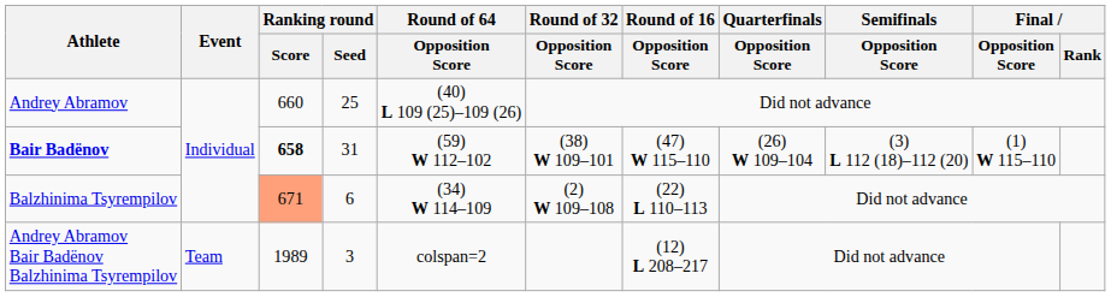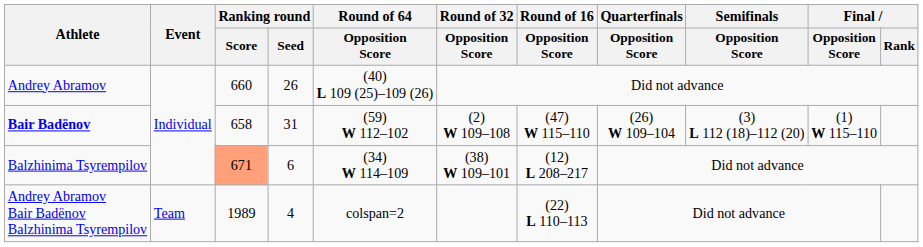 <table class="wikitable" style="font-size:90%">
 <tr>
 <th rowspan="2">Athlete</th>
 <th rowspan="2">Event</th>
 <th colspan="2">Ranking round</th>
 <th>Round of 64</th>
 <th>Round of 32</th>
 <th>Round of 16</th>
 <th>Quarterfinals</th>
 <th>Semifinals</th>
 <th colspan="2">Final / </th>
 </tr>
 <tr style="font-size:95%">
 <th>Score</th>
 <th>Seed</th>
 <th>Opposition<br>Score</th>
 <th>Opposition<br>Score</th>
 <th>Opposition<br>Score</th>
 <th>Opposition<br>Score</th>
 <th>Opposition<br>Score</th>
 <th>Opposition<br>Score</th>
 <th>Rank</th>
 </tr>
 <tr align=center>
 <td align=left><a href='#'>Andrey Abramov</a></td>
 <td align=left rowspan=3><a href='#'>Individual</a></td>
 <td>660</td>
-<td>25</td>
+<td>26</td>
 <td> (40)<br><strong>L</strong>  109 (25)–109 (26)</td>
 <td colspan=6>Did not advance</td>
 </tr>
 <tr align=center>
 <td align=left><strong><a href='#'>Bair Badënov</a></strong></td>
-<td><strong>658</strong></td>
+<td>658</td>
 <td>31</td>
 <td> (59)<br><strong>W</strong>  112–102</td>
-<td> (38)<br><strong>W</strong>  109–101</td>
+<td> (2)<br><strong>W</strong> 109–108</td>
 <td> (47)<br><strong>W</strong> 115–110</td>
 <td> (26)<br><strong>W</strong> 109–104</td>
 <td> (3)<br><strong>L</strong> 112 (18)–112 (20)</td>
 <td> (1)<br><strong>W</strong> 115–110</td>
 <td></td>
 </tr>
 <tr align=center>
 <td align=left><a href='#'>Balzhinima Tsyrempilov</a></td>
 <td style="background: lightsalmon;">671</td>
 <td>6</td>
 <td> (34)<br><strong>W</strong> 114–109</td>
-<td> (2)<br><strong>W</strong> 109–108</td>
-<td> (22)<br><strong>L</strong>  110–113</td>
+<td> (38)<br><strong>W</strong>  109–101</td>
+<td> (12)<br><strong>L</strong> 208–217</td>
 <td colspan=4>Did not advance</td>
 </tr>
 <tr align=center>
 <td align=left><a href='#'>Andrey Abramov</a><br><a href='#'>Bair Badënov</a><br><a href='#'>Balzhinima Tsyrempilov</a></td>
 <td align=left><a href='#'>Team</a></td>
 <td>1989</td>
-<td>3</td>
+<td>4</td>
 <td>colspan=2 </td>
 <td></td>
-<td> (12)<br><strong>L</strong> 208–217</td>
+<td> (22)<br><strong>L</strong>  110–113</td>
 <td colspan=3>Did not advance</td>
 </tr>
 </table>
